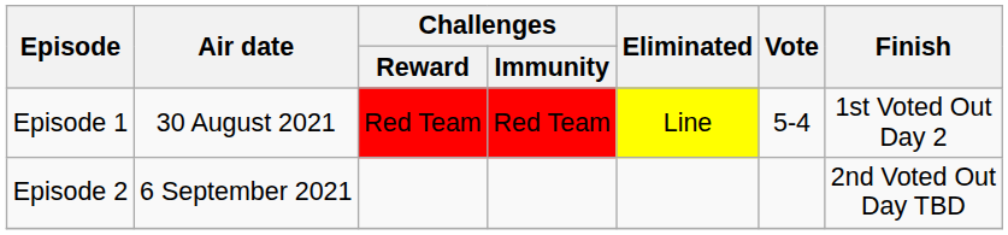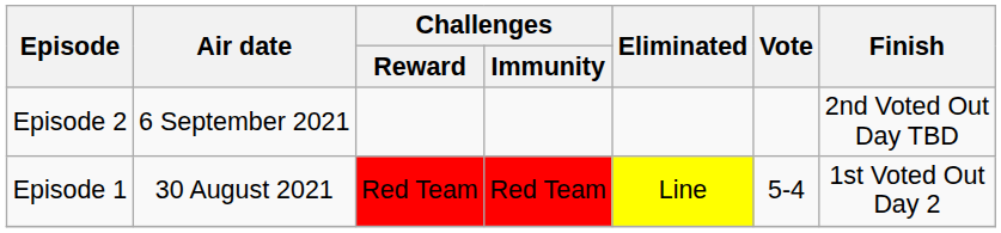 <table class="wikitable" style="margin:auto; text-align:center">
 <tr>
 <th rowspan="2">Episode</th>
 <th rowspan="2">Air date</th>
 <th colspan="2">Challenges</th>
 <th rowspan="2">Eliminated</th>
 <th rowspan="2">Vote</th>
 <th rowspan="2">Finish</th>
 </tr>
 <tr>
 <th>Reward</th>
 <th>Immunity</th>
 </tr>
 <tr>
+<td>Episode 2</td>
+<td>6 September 2021</td>
+<td bgcolor=""></td>
+<td bgcolor=""></td>
+<td bgcolor=""></td>
+<td></td>
+<td>2nd Voted Out<br>Day TBD</td>
+</tr>
+<tr>
 <td>Episode 1</td>
 <td>30 August 2021</td>
 <td bgcolor="red">Red Team</td>
 <td bgcolor="red">Red Team</td>
 <td bgcolor="yellow">Line</td>
 <td>5-4</td>
 <td>1st Voted Out<br>Day 2</td>
 </tr>
 <tr>
-<td>Episode 2</td>
-<td>6 September 2021</td>
-<td bgcolor=""></td>
-<td bgcolor=""></td>
-<td bgcolor=""></td>
-<td></td>
-<td>2nd Voted Out<br>Day TBD</td>
-</tr>
-<tr>
 </tr>
 </table>
